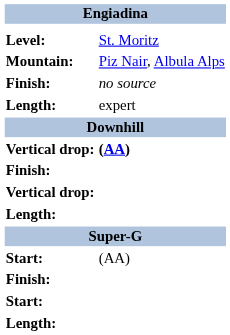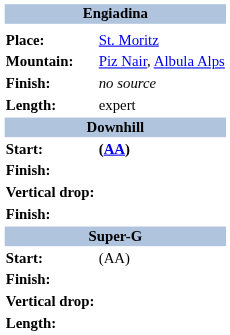 <table border=0 class="toccolours float-right" align="right" style="margin:0 0 0.5em 1em; font-size: 85%;">
 <tr>
 <th bgcolor=#b0c4de colspan=2 align="center">Engiadina</th>
 </tr>
 <tr>
 <td align="center" colspan=2></td>
 </tr>
 <tr>
-<td><strong>Level:</strong></td>
+<td><strong>Place:</strong></td>
 <td> <a href='#'>St. Moritz</a></td>
 </tr>
 <tr>
 <td><strong>Mountain:</strong></td>
 <td><a href='#'>Piz Nair</a>, <a href='#'>Albula Alps</a></td>
 </tr>
 <tr>
 <td><strong>Finish:</strong></td>
 <td><em>no source</em></td>
 </tr>
 <tr>
 <td><strong>Length:</strong></td>
 <td> expert</td>
 </tr>
 <tr>
 <th bgcolor=#b0c4de colspan=2 align="center">Downhill</th>
 </tr>
 <tr>
-<td><strong>Vertical drop:</strong></td>
+<td><strong>Start:</strong></td>
 <td><strong> (<a href='#'>AA</a>)</strong></td>
 </tr>
 <tr>
 <td><strong>Finish:</strong></td>
 <td></td>
 </tr>
 <tr>
 <td><strong>Vertical drop:</strong></td>
 <td></td>
 </tr>
 <tr>
-<td><strong>Length:</strong></td>
+<td><strong>Finish:</strong></td>
 <td></td>
 </tr>
 <tr>
 <th bgcolor=#b0c4de colspan=2 align="center">Super-G</th>
 </tr>
 <tr>
 <td><strong>Start:</strong></td>
 <td> (AA)</td>
 </tr>
 <tr>
 <td><strong>Finish:</strong></td>
 <td></td>
 </tr>
 <tr>
-<td><strong>Start:</strong></td>
+<td><strong>Vertical drop:</strong></td>
 <td></td>
 </tr>
 <tr>
 <td><strong>Length:</strong></td>
 <td></td>
 </tr>
 </table>
